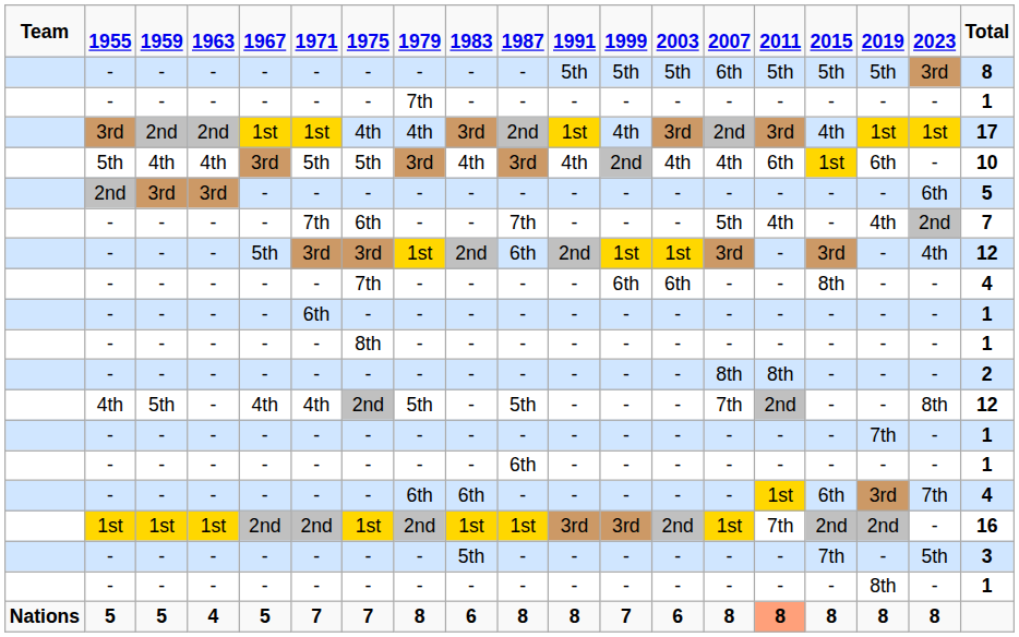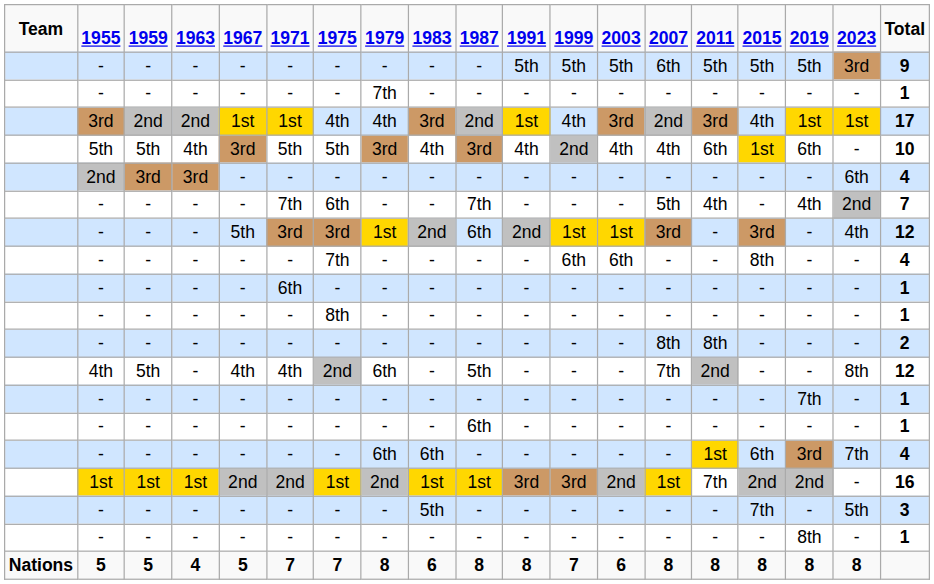 <table class="wikitable" style="text-align:center; font-size:90%">
 <tr bgcolor=>
 <td><strong>Team</strong></td>
 <td><strong><br><a href='#'>1955</a></strong></td>
 <td><strong><br><a href='#'>1959</a></strong></td>
 <td><strong><br><a href='#'>1963</a></strong></td>
 <td><strong><br><a href='#'>1967</a></strong></td>
 <td><strong><br><a href='#'>1971</a></strong></td>
 <td><strong><br><a href='#'>1975</a></strong></td>
 <td><strong><br><a href='#'>1979</a></strong></td>
 <td><strong><br><a href='#'>1983</a></strong></td>
 <td><strong><br><a href='#'>1987</a></strong></td>
 <td><strong><br><a href='#'>1991</a></strong></td>
 <td><strong><br><a href='#'>1999</a></strong></td>
 <td><strong><br><a href='#'>2003</a></strong></td>
 <td><strong><br><a href='#'>2007</a></strong></td>
 <td><strong><br><a href='#'>2011</a></strong></td>
 <td><strong><br><a href='#'>2015</a></strong></td>
 <td><strong><br><a href='#'>2019</a></strong></td>
 <td><strong><br><a href='#'>2023</a></strong></td>
 <td><strong>Total</strong></td>
 </tr>
 <tr bgcolor=#D0E6FF>
 <td align=left></td>
 <td>-</td>
 <td>-</td>
 <td>-</td>
 <td>-</td>
 <td>-</td>
 <td>-</td>
 <td>-</td>
 <td>-</td>
 <td>-</td>
 <td>5th</td>
 <td>5th</td>
 <td>5th</td>
 <td>6th</td>
 <td>5th</td>
 <td>5th</td>
 <td>5th</td>
 <td bgcolor=cc9966>3rd</td>
-<td><strong>8</strong></td>
+<td><strong>9</strong></td>
 </tr>
 <tr bgcolor=#FFFFFF>
 <td align=left></td>
 <td>-</td>
 <td>-</td>
 <td>-</td>
 <td>-</td>
 <td>-</td>
 <td>-</td>
 <td>7th</td>
 <td>-</td>
 <td>-</td>
 <td>-</td>
 <td>-</td>
 <td>-</td>
 <td>-</td>
 <td>-</td>
 <td>-</td>
 <td>-</td>
 <td>-</td>
 <td><strong>1</strong></td>
 </tr>
 <tr bgcolor=#D0E6FF>
 <td align=left></td>
 <td bgcolor=cc9966>3rd</td>
 <td bgcolor=silver>2nd</td>
 <td bgcolor=silver>2nd</td>
 <td bgcolor=gold>1st</td>
 <td bgcolor=gold>1st</td>
 <td>4th</td>
 <td>4th</td>
 <td bgcolor=cc9966>3rd</td>
 <td bgcolor=silver>2nd</td>
 <td bgcolor=gold>1st</td>
 <td>4th</td>
 <td bgcolor=cc9966>3rd</td>
 <td bgcolor=silver>2nd</td>
 <td bgcolor=cc9966>3rd</td>
 <td>4th</td>
 <td bgcolor=gold>1st</td>
 <td bgcolor=gold>1st</td>
 <td><strong>17</strong></td>
 </tr>
 <tr bgcolor=#FFFFFF>
 <td align=left></td>
 <td>5th</td>
-<td>4th</td>
+<td>5th</td>
 <td>4th</td>
 <td bgcolor=cc9966>3rd</td>
 <td>5th</td>
 <td>5th</td>
 <td bgcolor=cc9966>3rd</td>
 <td>4th</td>
 <td bgcolor=cc9966>3rd</td>
 <td>4th</td>
 <td bgcolor=silver>2nd</td>
 <td>4th</td>
 <td>4th</td>
 <td>6th</td>
 <td bgcolor=gold>1st</td>
 <td>6th</td>
 <td>-</td>
 <td><strong>10</strong></td>
 </tr>
 <tr bgcolor=#D0E6FF>
 <td align=left></td>
 <td bgcolor=silver>2nd</td>
 <td bgcolor=cc9966>3rd</td>
 <td bgcolor=cc9966>3rd</td>
 <td>-</td>
 <td>-</td>
 <td>-</td>
 <td>-</td>
 <td>-</td>
 <td>-</td>
 <td>-</td>
 <td>-</td>
 <td>-</td>
 <td>-</td>
 <td>-</td>
 <td>-</td>
 <td>-</td>
 <td>6th</td>
-<td><strong>5</strong></td>
+<td><strong>4</strong></td>
 </tr>
 <tr bgcolor=#FFFFFF>
 <td align=left></td>
 <td>-</td>
 <td>-</td>
 <td>-</td>
 <td>-</td>
 <td>7th</td>
 <td>6th</td>
 <td>-</td>
 <td>-</td>
 <td>7th</td>
 <td>-</td>
 <td>-</td>
 <td>-</td>
 <td>5th</td>
 <td>4th</td>
 <td>-</td>
 <td>4th</td>
 <td bgcolor=silver>2nd</td>
 <td><strong>7</strong></td>
 </tr>
 <tr bgcolor=#D0E6FF>
 <td align=left></td>
 <td>-</td>
 <td>-</td>
 <td>-</td>
 <td>5th</td>
 <td bgcolor=cc9966>3rd</td>
 <td bgcolor=cc9966>3rd</td>
 <td bgcolor=gold>1st</td>
 <td bgcolor=silver>2nd</td>
 <td>6th</td>
 <td bgcolor=silver>2nd</td>
 <td bgcolor=gold>1st</td>
 <td bgcolor=gold>1st</td>
 <td bgcolor=cc9966>3rd</td>
 <td>-</td>
 <td bgcolor=cc9966>3rd</td>
 <td>-</td>
 <td>4th</td>
 <td><strong>12</strong></td>
 </tr>
 <tr bgcolor=#FFFFFF>
 <td align=left></td>
 <td>-</td>
 <td>-</td>
 <td>-</td>
 <td>-</td>
 <td>-</td>
 <td>7th</td>
 <td>-</td>
 <td>-</td>
 <td>-</td>
 <td>-</td>
 <td>6th</td>
 <td>6th</td>
 <td>-</td>
 <td>-</td>
 <td>8th</td>
 <td>-</td>
 <td>-</td>
 <td><strong>4</strong></td>
 </tr>
 <tr bgcolor=#D0E6FF>
 <td align=left></td>
 <td>-</td>
 <td>-</td>
 <td>-</td>
 <td>-</td>
 <td>6th</td>
 <td>-</td>
 <td>-</td>
 <td>-</td>
 <td>-</td>
 <td>-</td>
 <td>-</td>
 <td>-</td>
 <td>-</td>
 <td>-</td>
 <td>-</td>
 <td>-</td>
 <td>-</td>
 <td><strong>1</strong></td>
 </tr>
 <tr bgcolor=#FFFFFF>
 <td align=left></td>
 <td>-</td>
 <td>-</td>
 <td>-</td>
 <td>-</td>
 <td>-</td>
 <td>8th</td>
 <td>-</td>
 <td>-</td>
 <td>-</td>
 <td>-</td>
 <td>-</td>
 <td>-</td>
 <td>-</td>
 <td>-</td>
 <td>-</td>
 <td>-</td>
 <td>-</td>
 <td><strong>1</strong></td>
 </tr>
 <tr bgcolor=#D0E6FF>
 <td align=left></td>
 <td>-</td>
 <td>-</td>
 <td>-</td>
 <td>-</td>
 <td>-</td>
 <td>-</td>
 <td>-</td>
 <td>-</td>
 <td>-</td>
 <td>-</td>
 <td>-</td>
 <td>-</td>
 <td>8th</td>
 <td>8th</td>
 <td>-</td>
 <td>-</td>
 <td>-</td>
 <td><strong>2</strong></td>
 </tr>
 <tr bgcolor=#FFFFFF>
 <td align=left></td>
 <td>4th</td>
 <td>5th</td>
 <td>-</td>
 <td>4th</td>
 <td>4th</td>
 <td bgcolor=silver>2nd</td>
-<td>5th</td>
+<td>6th</td>
 <td>-</td>
 <td>5th</td>
 <td>-</td>
 <td>-</td>
 <td>-</td>
 <td>7th</td>
 <td bgcolor=silver>2nd</td>
 <td>-</td>
 <td>-</td>
 <td>8th</td>
 <td><strong>12</strong></td>
 </tr>
 <tr bgcolor=#D0E6FF>
 <td align=left></td>
 <td>-</td>
 <td>-</td>
 <td>-</td>
 <td>-</td>
 <td>-</td>
 <td>-</td>
 <td>-</td>
 <td>-</td>
 <td>-</td>
 <td>-</td>
 <td>-</td>
 <td>-</td>
 <td>-</td>
 <td>-</td>
 <td>-</td>
 <td>7th</td>
 <td>-</td>
 <td><strong>1</strong></td>
 </tr>
 <tr bgcolor=#FFFFFF>
 <td align=left></td>
 <td>-</td>
 <td>-</td>
 <td>-</td>
 <td>-</td>
 <td>-</td>
 <td>-</td>
 <td>-</td>
 <td>-</td>
 <td>6th</td>
 <td>-</td>
 <td>-</td>
 <td>-</td>
 <td>-</td>
 <td>-</td>
 <td>-</td>
 <td>-</td>
 <td>-</td>
 <td><strong>1</strong></td>
 </tr>
 <tr bgcolor=#D0E6FF>
 <td align=left></td>
 <td>-</td>
 <td>-</td>
 <td>-</td>
 <td>-</td>
 <td>-</td>
 <td>-</td>
 <td>6th</td>
 <td>6th</td>
 <td>-</td>
 <td>-</td>
 <td>-</td>
 <td>-</td>
 <td>-</td>
 <td bgcolor=gold>1st</td>
 <td>6th</td>
 <td bgcolor=cc9966>3rd</td>
 <td>7th</td>
 <td><strong>4</strong></td>
 </tr>
 <tr bgcolor=#FFFFFF>
 <td align=left></td>
 <td bgcolor=gold>1st</td>
 <td bgcolor=gold>1st</td>
 <td bgcolor=gold>1st</td>
 <td bgcolor=silver>2nd</td>
 <td bgcolor=silver>2nd</td>
 <td bgcolor=gold>1st</td>
 <td bgcolor=silver>2nd</td>
 <td bgcolor=gold>1st</td>
 <td bgcolor=gold>1st</td>
 <td bgcolor=cc9966>3rd</td>
 <td bgcolor=cc9966>3rd</td>
 <td bgcolor=silver>2nd</td>
 <td bgcolor=gold>1st</td>
 <td>7th</td>
 <td bgcolor=silver>2nd</td>
 <td bgcolor=silver>2nd</td>
 <td>-</td>
 <td><strong>16</strong></td>
 </tr>
 <tr bgcolor=#D0E6FF>
 <td align=left></td>
 <td>-</td>
 <td>-</td>
 <td>-</td>
 <td>-</td>
 <td>-</td>
 <td>-</td>
 <td>-</td>
 <td>5th</td>
 <td>-</td>
 <td>-</td>
 <td>-</td>
 <td>-</td>
 <td>-</td>
 <td>-</td>
 <td>7th</td>
 <td>-</td>
 <td>5th</td>
 <td><strong>3</strong></td>
 </tr>
 <tr bgcolor=#FFFFFF>
 <td align=left></td>
 <td>-</td>
 <td>-</td>
 <td>-</td>
 <td>-</td>
 <td>-</td>
 <td>-</td>
 <td>-</td>
 <td>-</td>
 <td>-</td>
 <td>-</td>
 <td>-</td>
 <td>-</td>
 <td>-</td>
 <td>-</td>
 <td>-</td>
 <td>8th</td>
 <td>-</td>
 <td><strong>1</strong></td>
 </tr>
 <tr>
 <td><strong>Nations</strong></td>
 <td><strong>5</strong></td>
 <td><strong>5</strong></td>
 <td><strong>4</strong></td>
 <td><strong>5</strong></td>
 <td><strong>7</strong></td>
 <td><strong>7</strong></td>
 <td><strong>8</strong></td>
 <td><strong>6</strong></td>
 <td><strong>8</strong></td>
 <td><strong>8</strong></td>
 <td><strong>7</strong></td>
 <td><strong>6</strong></td>
 <td><strong>8</strong></td>
-<td style="background: lightsalmon;"><strong>8</strong></td>
+<td><strong>8</strong></td>
 <td><strong>8</strong></td>
 <td><strong>8</strong></td>
 <td><strong>8</strong></td>
 <td></td>
 </tr>
 </table>
